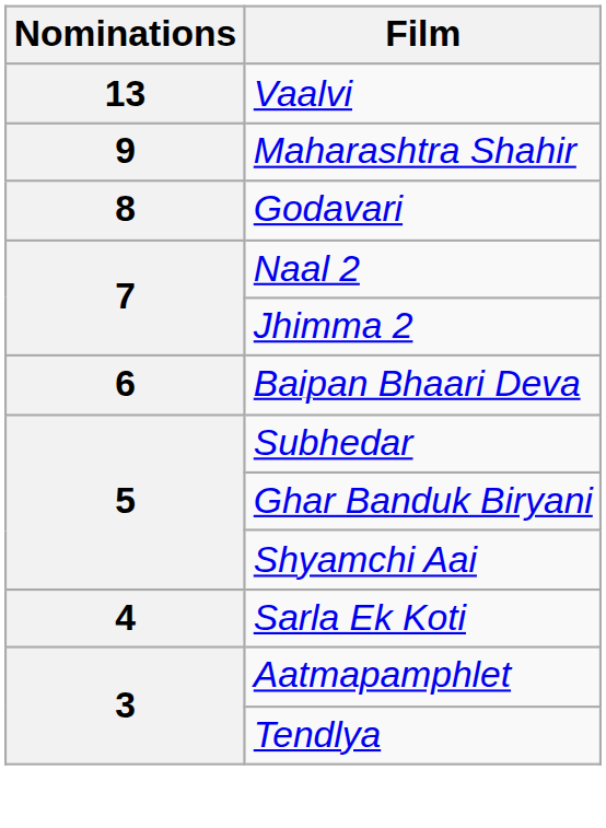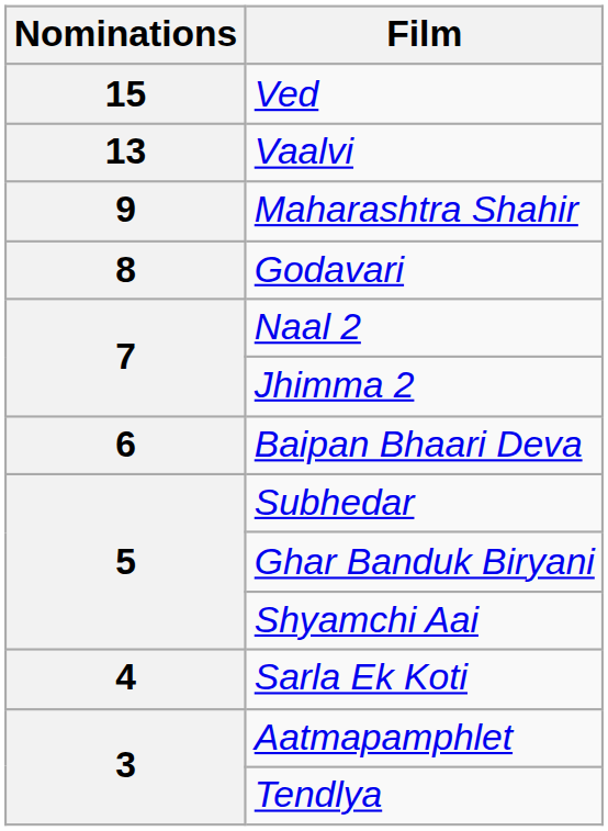 <table class="wikitable" style="display:inline-table;">
 <tr>
 <th>Nominations</th>
 <th>Film</th>
+</tr>
+<tr>
+<th>15</th>
+<td><em><a href='#'>Ved</a></em></td>
 </tr>
 <tr>
 <th>13</th>
 <td><em><a href='#'>Vaalvi</a></em></td>
 </tr>
 <tr>
 <th>9</th>
 <td><em><a href='#'>Maharashtra Shahir</a></em></td>
 </tr>
 <tr>
 <th>8</th>
 <td><a href='#'><em>Godavari</em></a></td>
 </tr>
 <tr>
 <th rowspan="2">7</th>
 <td><em><a href='#'>Naal 2</a></em></td>
 </tr>
 <tr>
 <td><em><a href='#'>Jhimma 2</a></em></td>
 </tr>
 <tr>
 <th>6</th>
 <td><em><a href='#'>Baipan Bhaari Deva</a></em></td>
 </tr>
 <tr>
 <th rowspan="3">5</th>
 <td><em><a href='#'>Subhedar</a></em></td>
 </tr>
 <tr>
 <td><em><a href='#'>Ghar Banduk Biryani</a></em></td>
 </tr>
 <tr>
 <td><a href='#'><em>Shyamchi Aai</em></a></td>
 </tr>
 <tr>
 <th>4</th>
 <td><em><a href='#'>Sarla Ek Koti</a></em></td>
 </tr>
 <tr>
 <th rowspan="2">3</th>
 <td><em><a href='#'>Aatmapamphlet</a></em></td>
 </tr>
 <tr>
 <td><em><a href='#'>Tendlya</a></em></td>
 </tr>
 </table>
